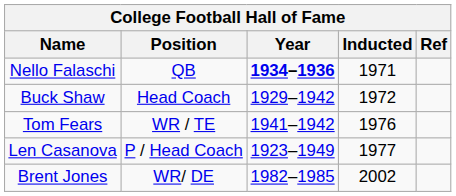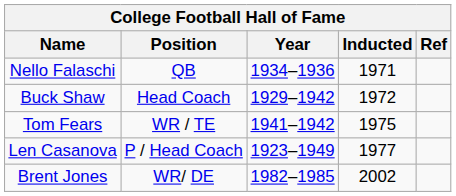 <table class="wikitable">
 <tr align="center">
 <th colspan=5>College Football Hall of Fame</th>
 </tr>
 <tr>
 <th>Name</th>
 <th>Position</th>
 <th>Year</th>
 <th>Inducted</th>
 <th>Ref</th>
 </tr>
 <tr align="center" bgcolor="">
 <td><a href='#'>Nello Falaschi</a></td>
 <td><a href='#'>QB</a></td>
-<td><strong><a href='#'>1934</a>–<a href='#'>1936</a></strong></td>
+<td><a href='#'>1934</a>–<a href='#'>1936</a></td>
 <td>1971</td>
 <td></td>
 </tr>
 <tr align="center" bgcolor="">
 <td><a href='#'>Buck Shaw</a></td>
 <td><a href='#'>Head Coach</a></td>
 <td><a href='#'>1929</a>–<a href='#'>1942</a></td>
 <td>1972</td>
 <td></td>
 </tr>
 <tr align="center" bgcolor="">
 <td><a href='#'>Tom Fears</a></td>
 <td><a href='#'>WR</a> / <a href='#'>TE</a></td>
 <td><a href='#'>1941</a>–<a href='#'>1942</a></td>
-<td>1976</td>
+<td>1975</td>
 <td></td>
 </tr>
 <tr align="center" bgcolor="">
 <td><a href='#'>Len Casanova</a></td>
 <td><a href='#'>P</a> / <a href='#'>Head Coach</a></td>
 <td><a href='#'>1923</a>–<a href='#'>1949</a></td>
 <td>1977</td>
 <td></td>
 </tr>
 <tr align="center" bgcolor="">
 <td><a href='#'>Brent Jones</a></td>
 <td><a href='#'>WR</a>/ <a href='#'>DE</a></td>
 <td><a href='#'>1982</a>–<a href='#'>1985</a></td>
 <td>2002</td>
 <td></td>
 </tr>
 </table>
